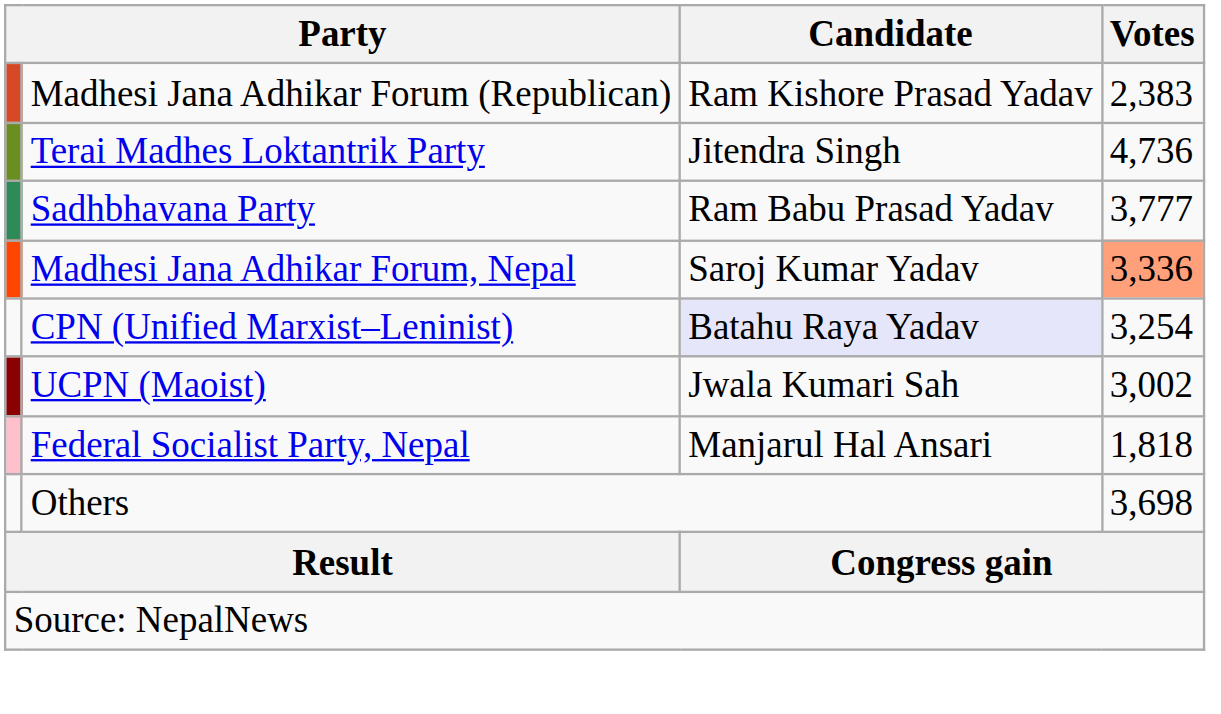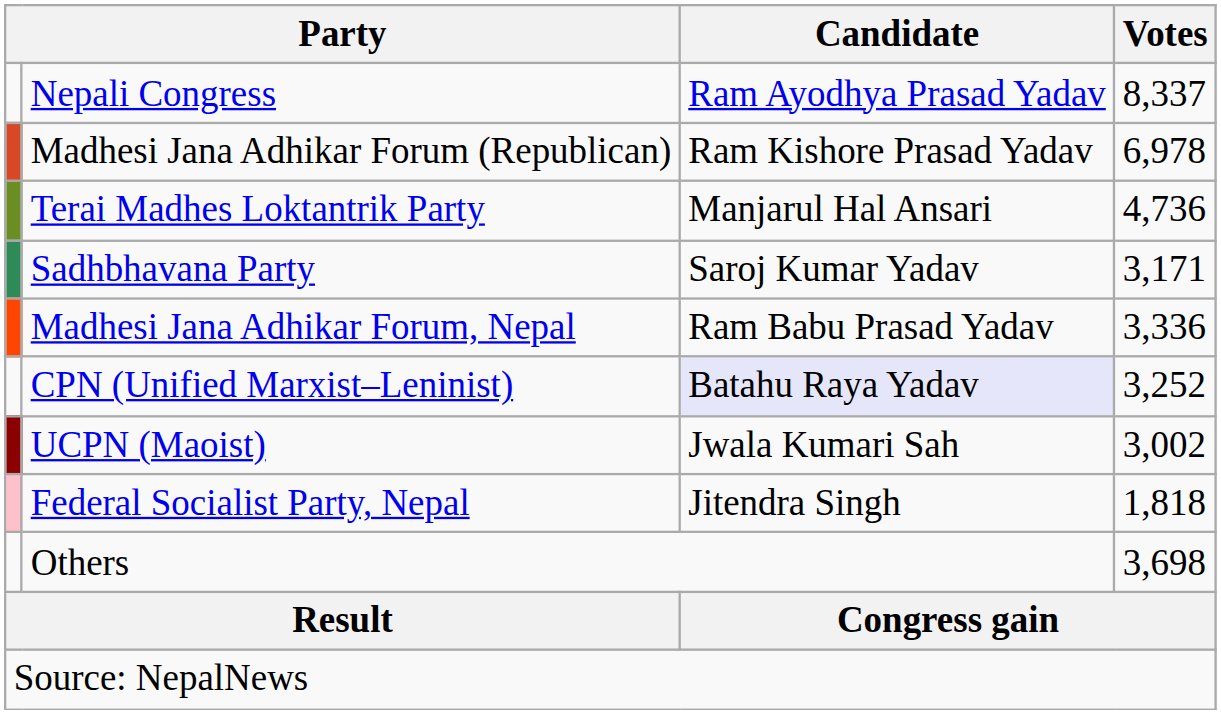 <table class="wikitable">
 <tr>
 <th colspan="2">Party</th>
 <th>Candidate</th>
 <th>Votes</th>
 </tr>
 <tr>
+<td style="background-color:"></td>
+<td><a href='#'>Nepali Congress</a></td>
+<td><a href='#'>Ram Ayodhya Prasad Yadav</a></td>
+<td>8,337</td>
+</tr>
+<tr>
 <td style="background-color:#D74826"></td>
 <td>Madhesi Jana Adhikar Forum (Republican)</td>
 <td>Ram Kishore Prasad Yadav</td>
-<td>2,383</td>
+<td>6,978</td>
 </tr>
 <tr>
 <td style="background-color:olivedrab"></td>
 <td><a href='#'>Terai Madhes Loktantrik Party</a></td>
-<td>Jitendra Singh</td>
+<td>Manjarul Hal Ansari</td>
 <td>4,736</td>
 </tr>
 <tr>
 <td style="background-color:seagreen"></td>
 <td><a href='#'>Sadhbhavana Party</a></td>
-<td>Ram Babu Prasad Yadav</td>
-<td>3,777</td>
+<td>Saroj Kumar Yadav</td>
+<td>3,171</td>
 </tr>
 <tr>
 <td style="background-color:orangered"></td>
 <td><a href='#'>Madhesi Jana Adhikar Forum, Nepal</a></td>
-<td>Saroj Kumar Yadav</td>
-<td style="background: lightsalmon;">3,336</td>
+<td>Ram Babu Prasad Yadav</td>
+<td>3,336</td>
 </tr>
 <tr>
 <td style="background-color:"></td>
 <td><a href='#'>CPN (Unified Marxist–Leninist)</a></td>
 <td style="background: lavender;">Batahu Raya Yadav</td>
-<td>3,254</td>
+<td>3,252</td>
 </tr>
 <tr>
 <td style="background-color:darkred"></td>
 <td><a href='#'>UCPN (Maoist)</a></td>
 <td>Jwala Kumari Sah</td>
 <td>3,002</td>
 </tr>
 <tr>
 <td style="background-color:pink"></td>
 <td><a href='#'>Federal Socialist Party, Nepal</a></td>
-<td>Manjarul Hal Ansari</td>
+<td>Jitendra Singh</td>
 <td>1,818</td>
 </tr>
 <tr>
 <td></td>
 <td colspan="2">Others</td>
 <td>3,698</td>
 </tr>
 <tr>
 <th colspan="2">Result</th>
 <th colspan="2">Congress gain</th>
 </tr>
 <tr>
 <td colspan="4">Source: NepalNews</td>
 </tr>
 </table>
